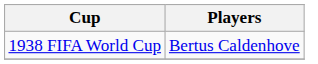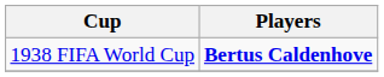 <table class="wikitable" style="text-align: left">
 <tr style="text-align: center">
 <th>Cup</th>
 <th>Players</th>
 </tr>
 <tr>
 <td align="left"> <a href='#'>1938 FIFA World Cup</a></td>
-<td> <a href='#'>Bertus Caldenhove</a></td>
+<td><strong> <a href='#'>Bertus Caldenhove</a></strong></td>
 </tr>
 <tr>
 </tr>
 </table>
